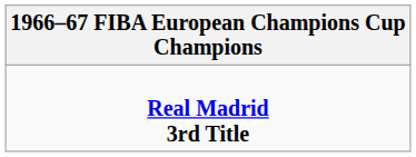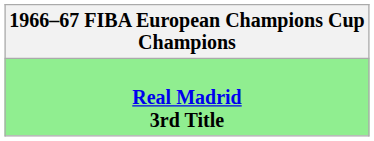 <table class=wikitable style="text-align:center; margin:auto">
 <tr>
 <th>1966–67 FIBA European Champions Cup<br>Champions</th>
 </tr>
 <tr>
-<td> <br> <strong><a href='#'>Real Madrid</a></strong> <br> <strong>3rd Title</strong></td>
+<td style="background: lightgreen;"> <br> <strong><a href='#'>Real Madrid</a></strong> <br> <strong>3rd Title</strong></td>
 </tr>
 </table>
